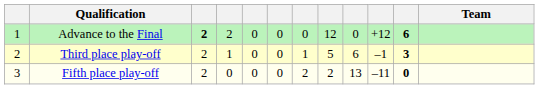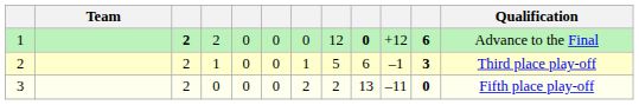 <table class="wikitable" style="text-align: center;">
 <tr>
 <th width="25"></th>
-<th width="200">Qualification</th>
+<th width="140">Team</th>
 <th width="25"></th>
 <th width="25"></th>
 <th width="25"></th>
 <th width="25"></th>
 <th width="25"></th>
 <th width="25"></th>
 <th width="25"></th>
 <th width="25"></th>
 <th width="25"></th>
-<th width="140">Team</th>
+<th width="200">Qualification</th>
 </tr>
 <tr style="background-color: #bbf3bb;">
 <td>1</td>
-<td>Advance to the <a href='#'>Final</a></td>
+<td align=left></td>
 <td><strong>2</strong></td>
 <td>2</td>
 <td>0</td>
 <td>0</td>
 <td>0</td>
 <td>12</td>
-<td>0</td>
+<td><strong>0</strong></td>
 <td>+12</td>
 <td><strong>6</strong></td>
-<td align=left></td>
+<td>Advance to the <a href='#'>Final</a></td>
 </tr>
 <tr style="background-color: #FFFFCC;">
 <td>2</td>
-<td><a href='#'>Third place play-off</a></td>
+<td align=left></td>
 <td>2</td>
 <td>1</td>
 <td>0</td>
 <td>0</td>
 <td>1</td>
 <td>5</td>
 <td>6</td>
 <td>–1</td>
 <td><strong>3</strong></td>
-<td align=left></td>
+<td><a href='#'>Third place play-off</a></td>
 </tr>
 <tr style="background-color: #FFFFEE;">
 <td>3</td>
-<td><a href='#'>Fifth place play-off</a></td>
+<td align=left></td>
 <td>2</td>
 <td>0</td>
 <td>0</td>
 <td>0</td>
 <td>2</td>
 <td>2</td>
 <td>13</td>
 <td>–11</td>
 <td><strong>0</strong></td>
-<td align=left></td>
+<td><a href='#'>Fifth place play-off</a></td>
 </tr>
 </table>
